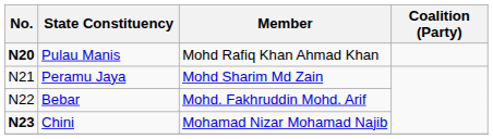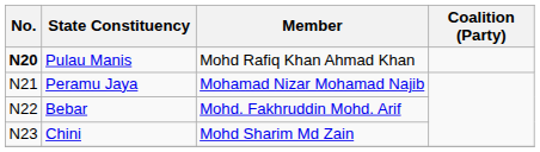 <table class="wikitable">
 <tr>
 <th width="30">No.</th>
 <th width="150">State Constituency</th>
 <th width="230">Member</th>
 <th width="100">Coalition (Party)</th>
 </tr>
 <tr>
 <td><strong>N20</strong></td>
 <td><a href='#'>Pulau Manis</a></td>
 <td>Mohd Rafiq Khan Ahmad Khan</td>
 <td></td>
 </tr>
 <tr>
 <td>N21</td>
 <td><a href='#'>Peramu Jaya</a></td>
-<td><a href='#'>Mohd Sharim Md Zain</a></td>
+<td><a href='#'>Mohamad Nizar Mohamad Najib</a></td>
 <td rowspan=3></td>
 </tr>
 <tr>
 <td>N22</td>
 <td><a href='#'>Bebar</a></td>
 <td><a href='#'>Mohd. Fakhruddin Mohd. Arif</a></td>
 </tr>
 <tr>
-<td><strong>N23</strong></td>
+<td>N23</td>
 <td><a href='#'>Chini</a></td>
-<td><a href='#'>Mohamad Nizar Mohamad Najib</a></td>
+<td><a href='#'>Mohd Sharim Md Zain</a></td>
 </tr>
 <tr>
 </tr>
 </table>
